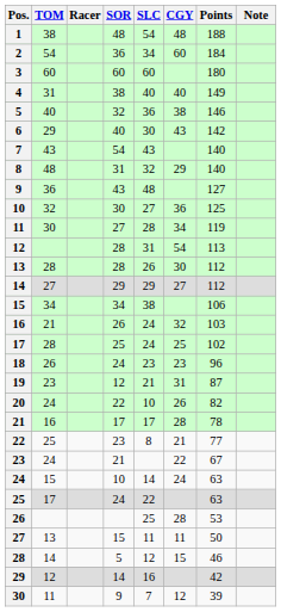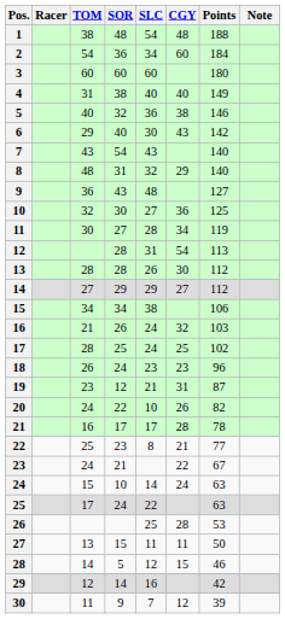 <table class="wikitable sortable plainrowheaders" style="text-align:center;">
 <tr>
 <th scope="col">Pos.</th>
+<th scope="col">Racer</th>
 <th scope="col"> <a href='#'>TOM</a></th>
-<th scope="col">Racer</th>
 <th scope="col"> <a href='#'>SOR</a></th>
 <th scope="col"> <a href='#'>SLC</a></th>
 <th scope="col"> <a href='#'>CGY</a></th>
 <th style="width:45px;">Points</th>
 <th style="width:45px;">Note</th>
 </tr>
 <tr bgcolor=#ccffcc>
 <th style="text - align:center; ">1</th>
+<td align="left"></td>
 <td>38</td>
-<td align="left"></td>
 <td>48</td>
 <td>54</td>
 <td>48</td>
 <td>188</td>
 <td></td>
 </tr>
 <tr bgcolor=#ccffcc>
 <th style="text - align:center; ">2</th>
+<td align="left"></td>
 <td>54</td>
-<td align="left"></td>
 <td>36</td>
 <td>34</td>
 <td>60</td>
 <td>184</td>
 <td></td>
 </tr>
 <tr bgcolor=#ccffcc>
 <th style="text - align:center; ">3</th>
+<td align="left"></td>
 <td>60</td>
-<td align="left"></td>
 <td>60</td>
 <td>60</td>
 <td></td>
 <td>180</td>
 <td></td>
 </tr>
 <tr bgcolor=#ccffcc>
 <th style="text - align:center; ">4</th>
+<td align="left"></td>
 <td>31</td>
-<td align="left"></td>
 <td>38</td>
 <td>40</td>
 <td>40</td>
 <td>149</td>
 <td></td>
 </tr>
 <tr bgcolor=#ccffcc>
 <th style="text - align:center; ">5</th>
+<td align="left"></td>
 <td>40</td>
-<td align="left"></td>
 <td>32</td>
 <td>36</td>
 <td>38</td>
 <td>146</td>
 <td></td>
 </tr>
 <tr bgcolor=#ccffcc>
 <th style="text - align:center; ">6</th>
+<td align="left"></td>
 <td>29</td>
-<td align="left"></td>
 <td>40</td>
 <td>30</td>
 <td>43</td>
 <td>142</td>
 <td></td>
 </tr>
 <tr bgcolor=#ccffcc>
 <th style="text - align:center; ">7</th>
+<td align="left"></td>
 <td>43</td>
-<td align="left"></td>
 <td>54</td>
 <td>43</td>
 <td></td>
 <td>140</td>
 <td></td>
 </tr>
 <tr bgcolor=#ccffcc>
 <th style="text - align:center; ">8</th>
+<td align="left"></td>
 <td>48</td>
-<td align="left"></td>
 <td>31</td>
 <td>32</td>
 <td>29</td>
 <td>140</td>
 <td></td>
 </tr>
 <tr bgcolor=#ccffcc>
 <th style="text - align:center; ">9</th>
+<td align="left"></td>
 <td>36</td>
-<td align="left"></td>
 <td>43</td>
 <td>48</td>
 <td></td>
 <td>127</td>
 <td></td>
 </tr>
 <tr bgcolor=#ccffcc>
 <th style="text - align:center; ">10</th>
+<td align="left"></td>
 <td>32</td>
-<td align="left"></td>
 <td>30</td>
 <td>27</td>
 <td>36</td>
 <td>125</td>
 <td></td>
 </tr>
 <tr bgcolor=#ccffcc>
 <th style="text - align:center; ">11</th>
+<td align="left"></td>
 <td>30</td>
-<td align="left"></td>
 <td>27</td>
 <td>28</td>
 <td>34</td>
 <td>119</td>
 <td></td>
 </tr>
 <tr bgcolor=#ccffcc>
 <th style="text - align:center; ">12</th>
+<td align="left"></td>
 <td></td>
-<td align="left"></td>
 <td>28</td>
 <td>31</td>
 <td>54</td>
 <td>113</td>
 <td></td>
 </tr>
 <tr bgcolor=#ccffcc>
 <th style="text - align:center; ">13</th>
+<td align="left"></td>
 <td>28</td>
-<td align="left"></td>
 <td>28</td>
 <td>26</td>
 <td>30</td>
 <td>112</td>
 <td></td>
 </tr>
 <tr bgcolor=#dddddd>
 <th style="text - align:center; ">14</th>
+<td align="left"></td>
 <td>27</td>
-<td align="left"></td>
 <td>29</td>
 <td>29</td>
 <td>27</td>
 <td>112</td>
 <td></td>
 </tr>
 <tr bgcolor=#ccffcc>
 <th style="text - align:center; ">15</th>
+<td align="left"></td>
 <td>34</td>
-<td align="left"></td>
 <td>34</td>
 <td>38</td>
 <td></td>
 <td>106</td>
 <td></td>
 </tr>
 <tr bgcolor=#ccffcc>
 <th style="text - align:center; ">16</th>
+<td align="left"></td>
 <td>21</td>
-<td align="left"></td>
 <td>26</td>
 <td>24</td>
 <td>32</td>
 <td>103</td>
 <td></td>
 </tr>
 <tr bgcolor=#ccffcc>
 <th style="text - align:center; ">17</th>
+<td align="left"></td>
 <td>28</td>
-<td align="left"></td>
 <td>25</td>
 <td>24</td>
 <td>25</td>
 <td>102</td>
 <td></td>
 </tr>
 <tr bgcolor=#ccffcc>
 <th style="text - align:center; ">18</th>
+<td align="left"></td>
 <td>26</td>
-<td align="left"></td>
 <td>24</td>
 <td>23</td>
 <td>23</td>
 <td>96</td>
 <td></td>
 </tr>
 <tr bgcolor=#ccffcc>
 <th style="text - align:center; ">19</th>
+<td align="left"></td>
 <td>23</td>
-<td align="left"></td>
 <td>12</td>
 <td>21</td>
 <td>31</td>
 <td>87</td>
 <td></td>
 </tr>
 <tr bgcolor=#ccffcc>
 <th style="text - align:center; ">20</th>
+<td align="left"></td>
 <td>24</td>
-<td align="left"></td>
 <td>22</td>
 <td>10</td>
 <td>26</td>
 <td>82</td>
 <td></td>
 </tr>
 <tr bgcolor=#ccffcc>
 <th style="text - align:center; ">21</th>
+<td align="left"></td>
 <td>16</td>
-<td align="left"></td>
 <td>17</td>
 <td>17</td>
 <td>28</td>
 <td>78</td>
 <td></td>
 </tr>
 <tr>
 <th style="text - align:center; ">22</th>
+<td align="left"></td>
 <td>25</td>
-<td align="left"></td>
 <td>23</td>
 <td>8</td>
 <td>21</td>
 <td>77</td>
 <td></td>
 </tr>
 <tr>
 <th style="text - align:center; ">23</th>
+<td align="left"></td>
 <td>24</td>
-<td align="left"></td>
 <td>21</td>
 <td></td>
 <td>22</td>
 <td>67</td>
 <td></td>
 </tr>
 <tr>
 <th style="text - align:center; ">24</th>
+<td align="left"></td>
 <td>15</td>
-<td align="left"></td>
 <td>10</td>
 <td>14</td>
 <td>24</td>
 <td>63</td>
 <td></td>
 </tr>
 <tr bgcolor=#dddddd>
 <th style="text - align:center; ">25</th>
+<td align="left"></td>
 <td>17</td>
-<td align="left"></td>
 <td>24</td>
 <td>22</td>
 <td></td>
 <td>63</td>
 <td></td>
 </tr>
 <tr>
 <th style="text - align:center; ">26</th>
+<td align="left"></td>
 <td></td>
-<td align="left"></td>
 <td></td>
 <td>25</td>
 <td>28</td>
 <td>53</td>
 <td></td>
 </tr>
 <tr>
 <th style="text - align:center; ">27</th>
+<td align="left"></td>
 <td>13</td>
-<td align="left"></td>
 <td>15</td>
 <td>11</td>
 <td>11</td>
 <td>50</td>
 <td></td>
 </tr>
 <tr>
 <th style="text - align:center; ">28</th>
+<td align="left"></td>
 <td>14</td>
-<td align="left"></td>
 <td>5</td>
 <td>12</td>
 <td>15</td>
 <td>46</td>
 <td></td>
 </tr>
 <tr bgcolor=#dddddd>
 <th style="text - align:center; ">29</th>
+<td align="left"></td>
 <td>12</td>
-<td align="left"></td>
 <td>14</td>
 <td>16</td>
 <td></td>
 <td>42</td>
 <td></td>
 </tr>
 <tr>
 <th style="text - align:center; ">30</th>
+<td align="left"></td>
 <td>11</td>
-<td align="left"></td>
 <td>9</td>
 <td>7</td>
 <td>12</td>
 <td>39</td>
 <td></td>
 </tr>
 </table>
